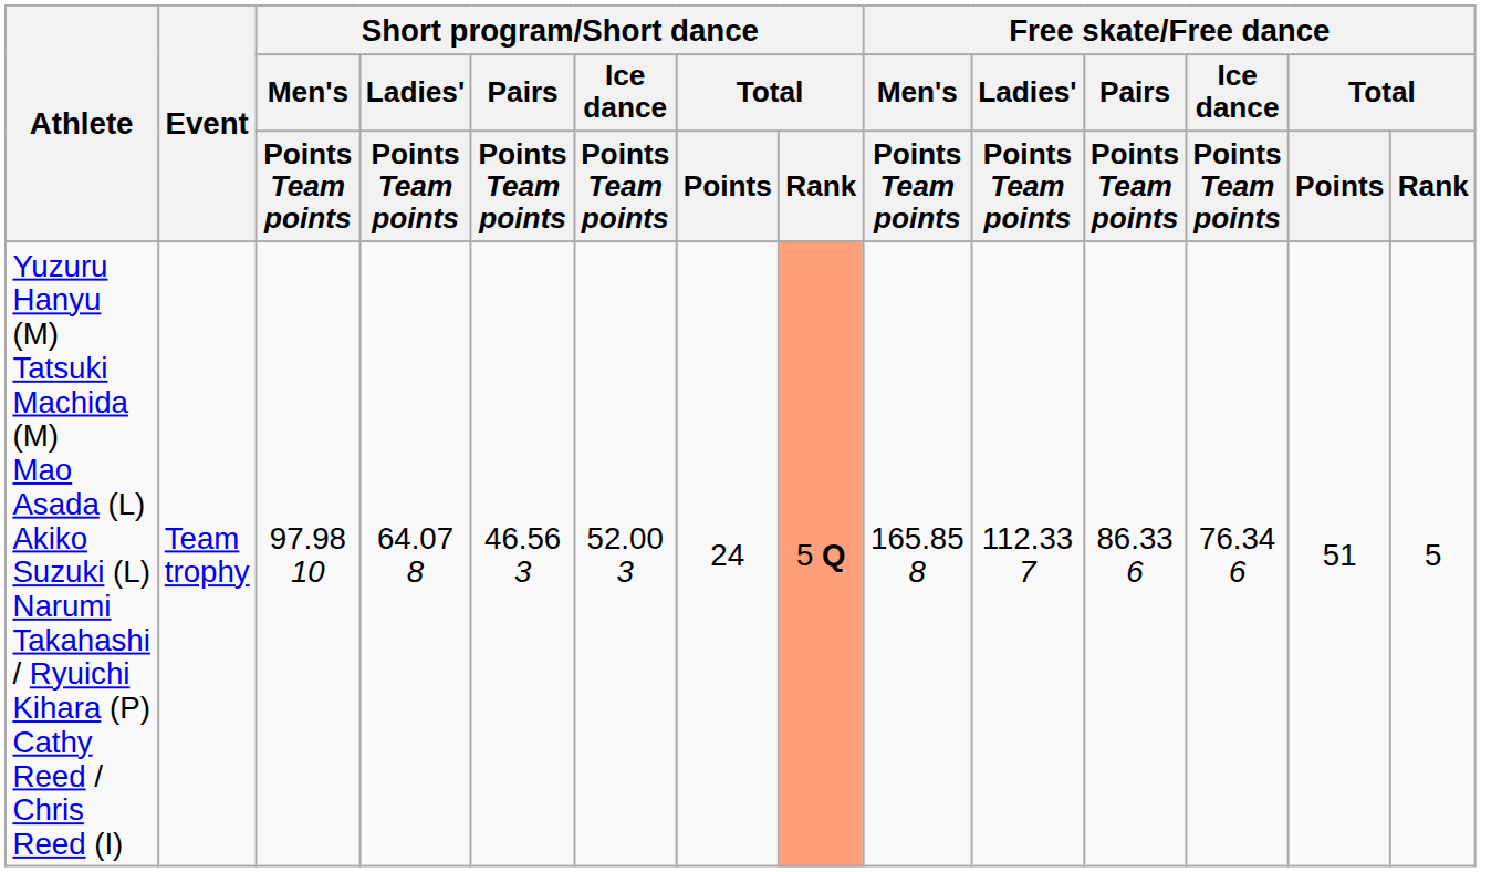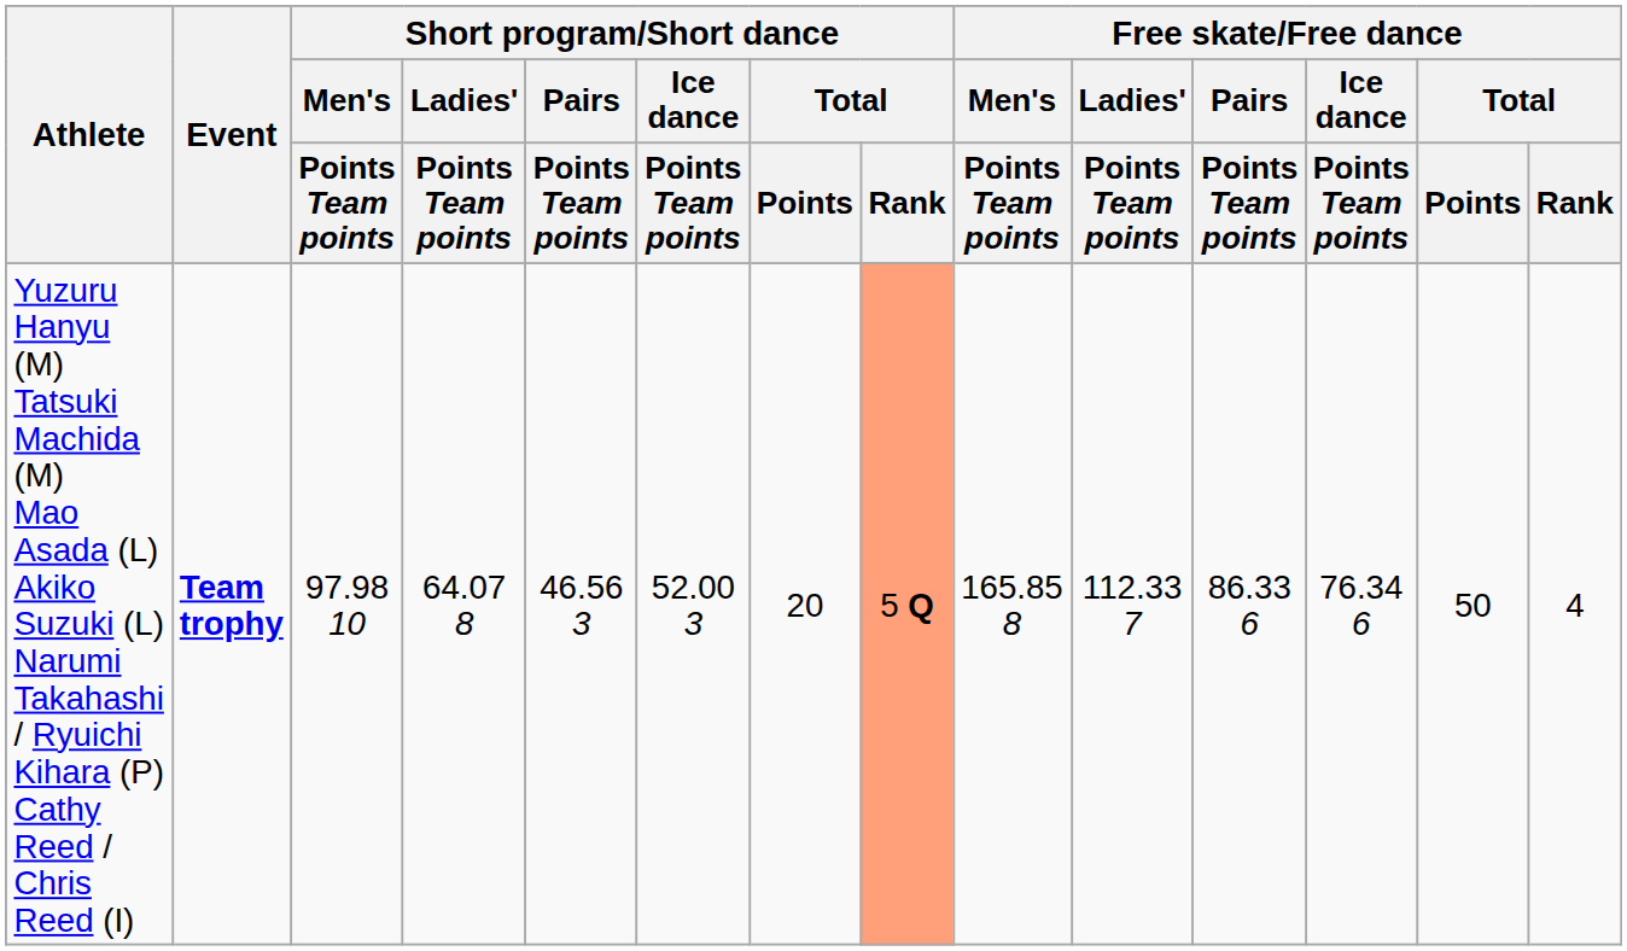 <table class="wikitable" style="font-size:90%">
 <tr>
 <th rowspan=3>Athlete</th>
 <th rowspan=3>Event</th>
 <th colspan=6>Short program/Short dance</th>
 <th colspan=6>Free skate/Free dance</th>
 </tr>
 <tr style="font-size:95%">
 <th>Men's</th>
 <th>Ladies'</th>
 <th>Pairs</th>
 <th>Ice dance</th>
 <th colspan=2>Total</th>
 <th>Men's</th>
 <th>Ladies'</th>
 <th>Pairs</th>
 <th>Ice dance</th>
 <th colspan=2>Total</th>
 </tr>
 <tr style="font-size:95%">
 <th>Points<br><em>Team points</em></th>
 <th>Points<br><em>Team points</em></th>
 <th>Points<br><em>Team points</em></th>
 <th>Points<br><em>Team points</em></th>
 <th>Points</th>
 <th>Rank</th>
 <th>Points<br><em>Team points</em></th>
 <th>Points<br><em>Team points</em></th>
 <th>Points<br><em>Team points</em></th>
 <th>Points<br><em>Team points</em></th>
 <th>Points</th>
 <th>Rank</th>
 </tr>
 <tr align=center>
 <td align=left><a href='#'>Yuzuru Hanyu</a> (M)<br><a href='#'>Tatsuki Machida</a> (M)<br><a href='#'>Mao Asada</a> (L)<br><a href='#'>Akiko Suzuki</a> (L)<br><a href='#'>Narumi Takahashi</a> / <a href='#'>Ryuichi Kihara</a> (P)<br><a href='#'>Cathy Reed</a> / <a href='#'>Chris Reed</a> (I)</td>
-<td align=left><a href='#'>Team trophy</a></td>
+<td align=left><strong><a href='#'>Team trophy</a></strong></td>
 <td>97.98<br><em>10</em></td>
 <td>64.07<br><em>8</em></td>
 <td>46.56<br><em>3</em></td>
 <td>52.00<br><em>3</em></td>
-<td>24</td>
+<td>20</td>
 <td style="background: lightsalmon;">5 <strong>Q</strong></td>
 <td>165.85<br><em>8</em></td>
 <td>112.33<br><em>7</em></td>
 <td>86.33<br><em>6</em></td>
 <td>76.34<br><em>6</em></td>
-<td>51</td>
-<td>5</td>
+<td>50</td>
+<td>4</td>
 </tr>
 </table>
